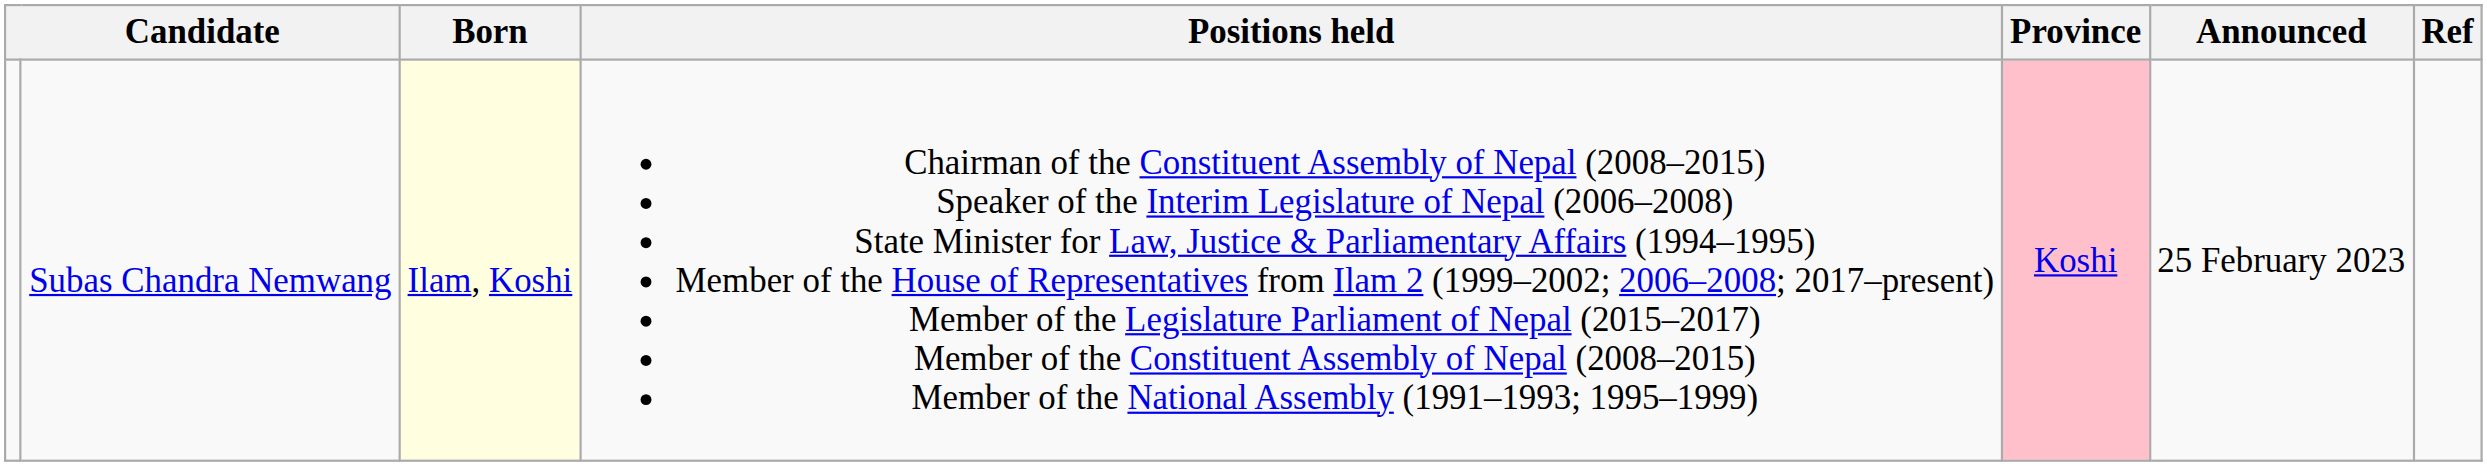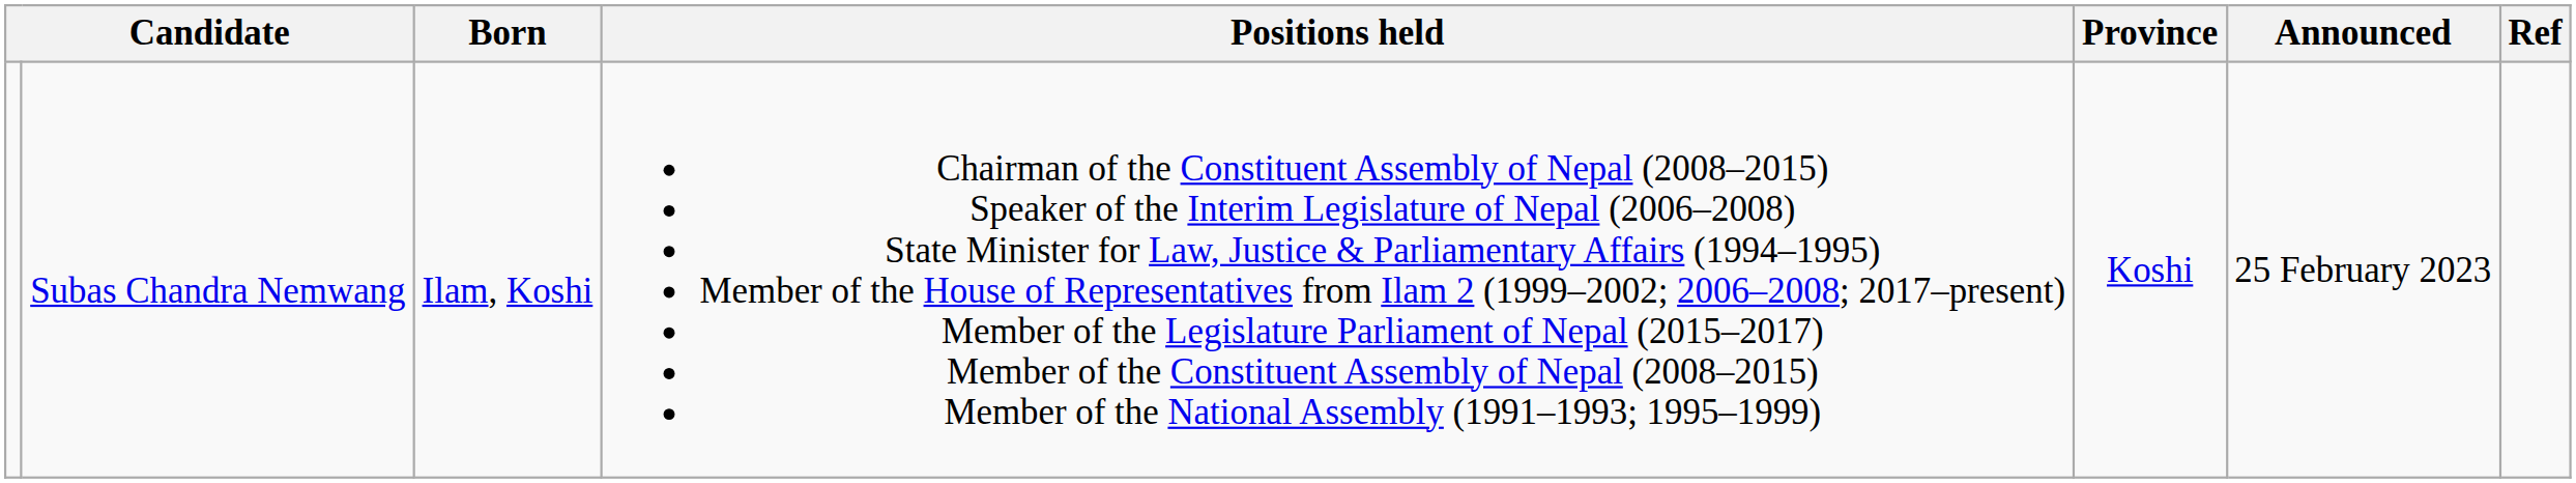 <table class="wikitable sortable" style="text-align:center">
 <tr>
 <th colspan="2">Candidate</th>
 <th>Born</th>
 <th>Positions held</th>
 <th>Province</th>
 <th>Announced</th>
 <th class="unsortable">Ref</th>
 </tr>
 <tr>
 <td></td>
 <td><br><a href='#'>Subas Chandra Nemwang</a></td>
-<td style="background: lightyellow;"><br><a href='#'>Ilam</a>, <a href='#'>Koshi</a></td>
+<td><br><a href='#'>Ilam</a>, <a href='#'>Koshi</a></td>
 <td><br><ul><li>Chairman of the <a href='#'>Constituent Assembly of Nepal</a> (2008–2015)</li><li>Speaker of the <a href='#'>Interim Legislature of Nepal</a> (2006–2008)</li><li>State Minister for <a href='#'>Law, Justice & Parliamentary Affairs</a> (1994–1995)</li><li>Member of the <a href='#'>House of Representatives</a> from <a href='#'>Ilam 2</a> (1999–2002; <a href='#'>2006–2008</a>; 2017–present)</li><li>Member of the <a href='#'>Legislature Parliament of Nepal</a> (2015–2017)</li><li>Member of the <a href='#'>Constituent Assembly of Nepal</a> (2008–2015)</li><li>Member of the <a href='#'>National Assembly</a> (1991–1993; 1995–1999)</li></ul></td>
-<td style="background: pink;"><a href='#'>Koshi</a></td>
+<td><a href='#'>Koshi</a></td>
 <td>25 February 2023</td>
 <td></td>
 </tr>
 </table>
